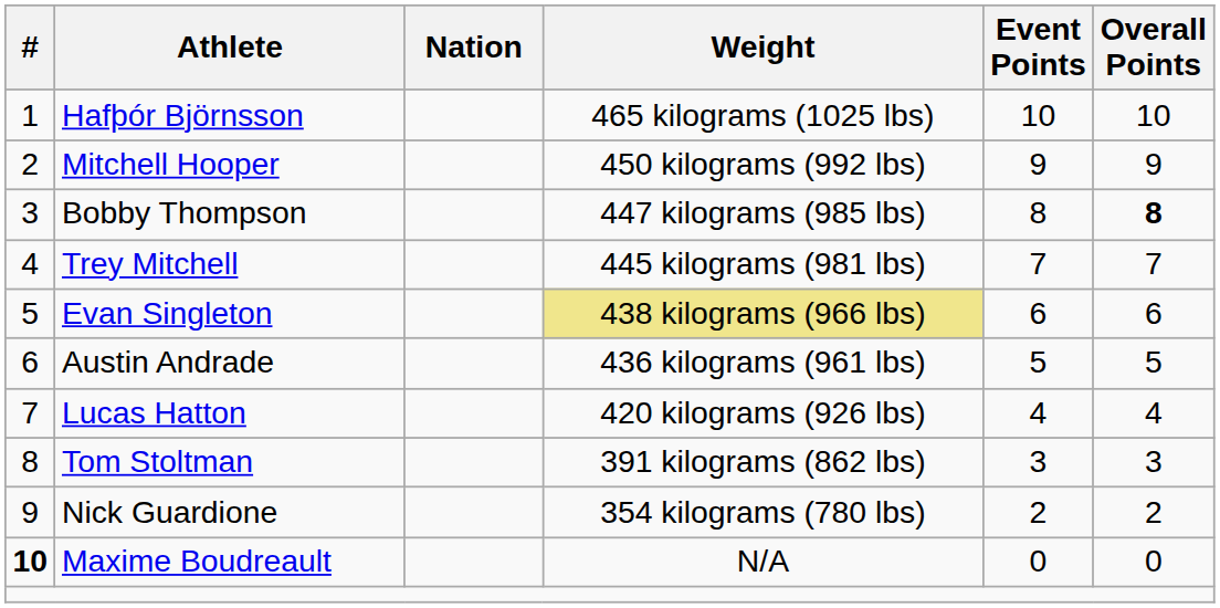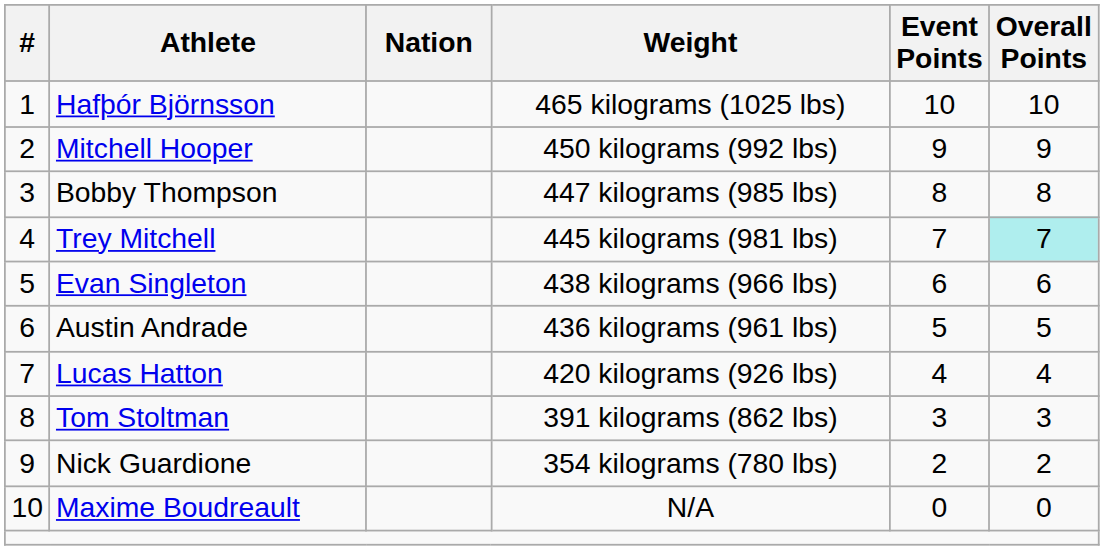 <table class="wikitable sortable" style="text-align:center;width: 70%;">
 <tr>
 <th scope="col" style="width: 10px;">#</th>
 <th scope="col">Athlete</th>
 <th scope="col">Nation</th>
 <th scope="col">Weight</th>
 <th scope="col" style="width: 10px;">Event Points</th>
 <th scope="col" style="width: 10px;">Overall Points</th>
 </tr>
 <tr>
 <td>1</td>
 <td align=left><a href='#'>Hafþór Björnsson</a></td>
 <td align=left></td>
 <td>465 kilograms (1025 lbs)</td>
 <td>10</td>
 <td>10</td>
 </tr>
 <tr>
 <td>2</td>
 <td align=left><a href='#'>Mitchell Hooper</a></td>
 <td align=left></td>
 <td>450 kilograms (992 lbs)</td>
 <td>9</td>
 <td>9</td>
 </tr>
 <tr>
 <td>3</td>
 <td align=left>Bobby Thompson</td>
 <td align=left></td>
 <td>447 kilograms (985 lbs)</td>
 <td>8</td>
-<td><strong>8</strong></td>
+<td>8</td>
 </tr>
 <tr>
 <td>4</td>
 <td align=left><a href='#'>Trey Mitchell</a></td>
 <td align=left></td>
 <td>445 kilograms (981 lbs)</td>
 <td>7</td>
-<td>7</td>
+<td style="background: paleturquoise;">7</td>
 </tr>
 <tr>
 <td>5</td>
 <td align=left><a href='#'>Evan Singleton</a></td>
 <td align=left></td>
-<td style="background: khaki;">438 kilograms (966 lbs)</td>
+<td>438 kilograms (966 lbs)</td>
 <td>6</td>
 <td>6</td>
 </tr>
 <tr>
 <td>6</td>
 <td align=left>Austin Andrade</td>
 <td align=left></td>
 <td>436 kilograms (961 lbs)</td>
 <td>5</td>
 <td>5</td>
 </tr>
 <tr>
 <td>7</td>
 <td align=left><a href='#'>Lucas Hatton</a></td>
 <td align=left></td>
 <td>420 kilograms (926 lbs)</td>
 <td>4</td>
 <td>4</td>
 </tr>
 <tr>
 <td>8</td>
 <td align=left><a href='#'>Tom Stoltman</a></td>
 <td align=left></td>
 <td>391 kilograms (862 lbs)</td>
 <td>3</td>
 <td>3</td>
 </tr>
 <tr>
 <td>9</td>
 <td align=left>Nick Guardione</td>
 <td align=left></td>
 <td>354 kilograms (780 lbs)</td>
 <td>2</td>
 <td>2</td>
 </tr>
 <tr>
-<td><strong>10</strong></td>
+<td>10</td>
 <td align=left><a href='#'>Maxime Boudreault</a></td>
 <td align=left></td>
 <td>N/A</td>
 <td>0</td>
 <td>0</td>
 </tr>
 <tr class="sortbottom">
 <td colspan="6"></td>
 </tr>
 </table>
